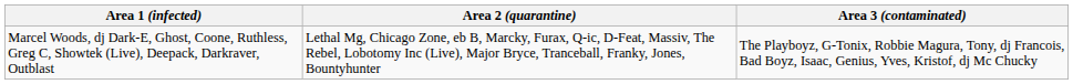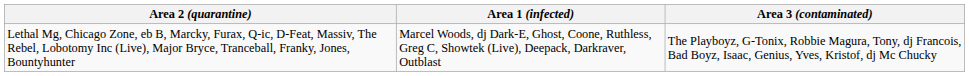 <table class="wikitable">
 <tr>
+<th><strong>Area 2</strong> <em>(quarantine)</em></th>
 <th><strong>Area 1</strong> <em>(infected)</em></th>
-<th><strong>Area 2</strong> <em>(quarantine)</em></th>
 <th><strong>Area 3</strong> <em>(contaminated)</em></th>
 </tr>
 <tr>
+<td>Lethal Mg, Chicago Zone, eb B, Marcky, Furax, Q-ic, D-Feat, Massiv, The Rebel, Lobotomy Inc (Live), Major Bryce, Tranceball, Franky, Jones, Bountyhunter</td>
 <td>Marcel Woods, dj Dark-E, Ghost, Coone, Ruthless, Greg C, Showtek (Live), Deepack, Darkraver, Outblast</td>
-<td>Lethal Mg, Chicago Zone, eb B, Marcky, Furax, Q-ic, D-Feat, Massiv, The Rebel, Lobotomy Inc (Live), Major Bryce, Tranceball, Franky, Jones, Bountyhunter</td>
 <td>The Playboyz, G-Tonix, Robbie Magura, Tony, dj Francois, Bad Boyz, Isaac, Genius, Yves, Kristof, dj Mc Chucky</td>
 </tr>
 </table>
